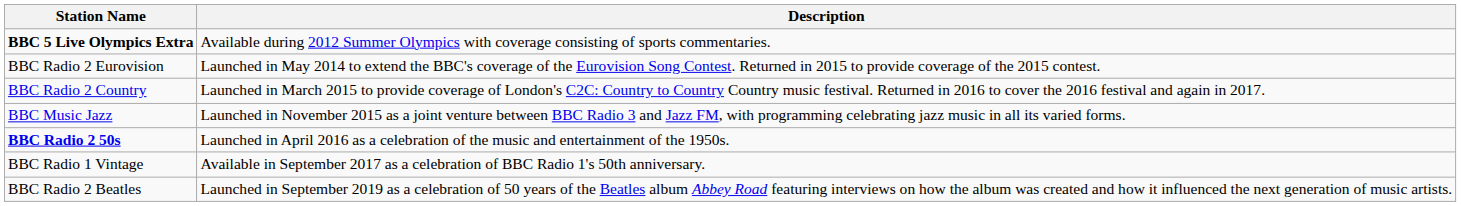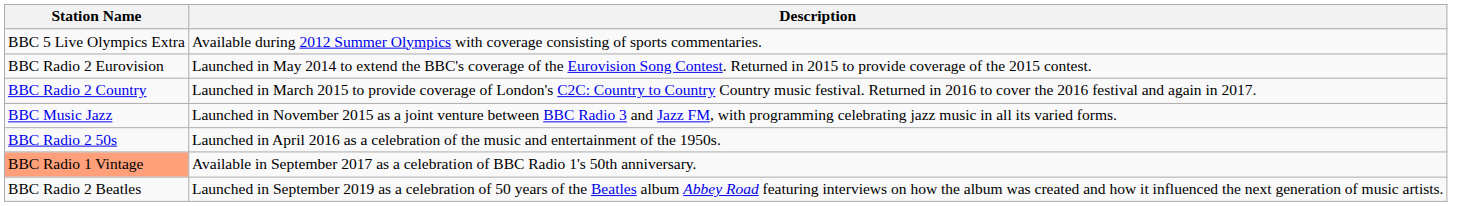 <table class="wikitable sortable">
 <tr>
 <th>Station Name</th>
 <th>Description</th>
 </tr>
 <tr>
-<td><strong>BBC 5 Live Olympics Extra</strong></td>
+<td>BBC 5 Live Olympics Extra</td>
 <td>Available during <a href='#'>2012 Summer Olympics</a> with coverage consisting of sports commentaries.</td>
 </tr>
 <tr>
 <td>BBC Radio 2 Eurovision</td>
 <td>Launched in May 2014 to extend the BBC's coverage of the <a href='#'>Eurovision Song Contest</a>. Returned in 2015 to provide coverage of the 2015 contest.</td>
 </tr>
 <tr>
 <td><a href='#'>BBC Radio 2 Country</a></td>
 <td>Launched in March 2015 to provide coverage of London's <a href='#'>C2C: Country to Country</a> Country music festival. Returned in 2016 to cover the 2016 festival and again in 2017.</td>
 </tr>
 <tr>
 <td><a href='#'>BBC Music Jazz</a></td>
 <td>Launched in November 2015 as a joint venture between <a href='#'>BBC Radio 3</a> and <a href='#'>Jazz FM</a>, with programming celebrating jazz music in all its varied forms.</td>
 </tr>
 <tr>
-<td><strong><a href='#'>BBC Radio 2 50s</a></strong></td>
+<td><a href='#'>BBC Radio 2 50s</a></td>
 <td>Launched in April 2016 as a celebration of the music and entertainment of the 1950s.</td>
 </tr>
 <tr>
-<td>BBC Radio 1 Vintage</td>
+<td style="background: lightsalmon;">BBC Radio 1 Vintage</td>
 <td>Available in September 2017 as a celebration of BBC Radio 1's 50th anniversary.</td>
 </tr>
 <tr>
 <td>BBC Radio 2 Beatles</td>
 <td>Launched in September 2019 as a celebration of 50 years of the <a href='#'>Beatles</a> album <em><a href='#'>Abbey Road</a></em> featuring interviews on how the album was created and how it influenced the next generation of music artists.</td>
 </tr>
 </table>
